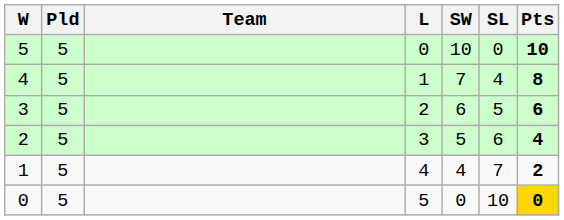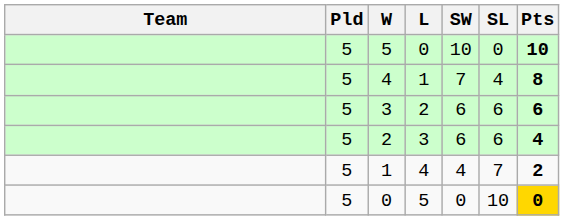 <table class=wikitable style="text-align:center">
 <tr>
+<th width=220>Team</th>
+<th width=20>Pld</th>
 <th width=20>W</th>
-<th width=20>Pld</th>
-<th width=220>Team</th>
 <th width=20>L</th>
 <th width=20>SW</th>
 <th width=20>SL</th>
 <th width=20>Pts</th>
 </tr>
 <tr bgcolor=ccffcc>
+<td align=left></td>
 <td>5</td>
 <td>5</td>
-<td align=left></td>
 <td>0</td>
 <td>10</td>
 <td>0</td>
 <td><strong>10</strong></td>
 </tr>
 <tr bgcolor=ccffcc>
+<td align=left></td>
+<td>5</td>
 <td>4</td>
-<td>5</td>
-<td align=left></td>
 <td>1</td>
 <td>7</td>
 <td>4</td>
 <td><strong>8</strong></td>
 </tr>
 <tr bgcolor=ccffcc>
+<td align=left></td>
+<td>5</td>
 <td>3</td>
-<td>5</td>
-<td align=left></td>
 <td>2</td>
 <td>6</td>
-<td>5</td>
+<td>6</td>
 <td><strong>6</strong></td>
 </tr>
 <tr bgcolor=ccffcc>
+<td align=left></td>
+<td>5</td>
 <td>2</td>
-<td>5</td>
-<td align=left></td>
 <td>3</td>
-<td>5</td>
+<td>6</td>
 <td>6</td>
 <td><strong>4</strong></td>
 </tr>
 <tr>
+<td align=left></td>
+<td>5</td>
 <td>1</td>
-<td>5</td>
-<td align=left></td>
 <td>4</td>
 <td>4</td>
 <td>7</td>
 <td><strong>2</strong></td>
 </tr>
 <tr>
+<td align=left></td>
+<td>5</td>
 <td>0</td>
-<td>5</td>
-<td align=left></td>
 <td>5</td>
 <td>0</td>
 <td>10</td>
 <td style="background: gold;"><strong>0</strong></td>
 </tr>
 </table>
